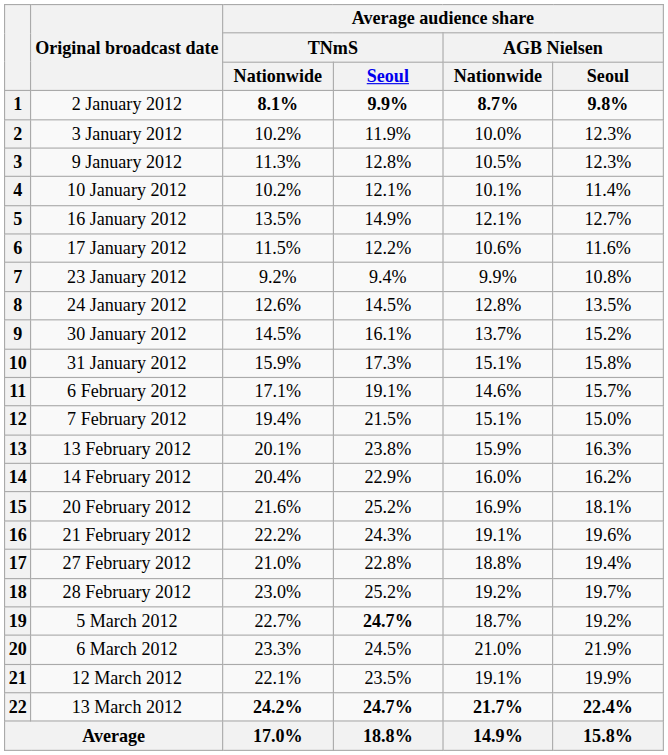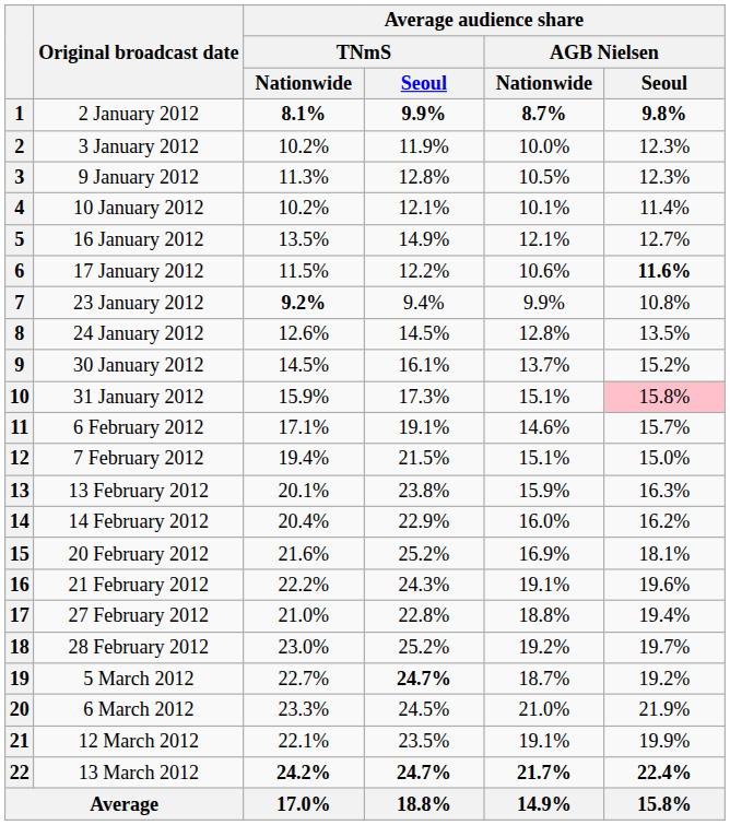 <table class=wikitable style="text-align:center">
 <tr>
 <th rowspan="3"></th>
 <th rowspan="3">Original broadcast date</th>
 <th colspan="4">Average audience share</th>
 </tr>
 <tr>
 <th colspan="2">TNmS</th>
 <th colspan="2">AGB Nielsen</th>
 </tr>
 <tr>
 <th width=90>Nationwide</th>
 <th width=90><a href='#'>Seoul</a></th>
 <th width=90>Nationwide</th>
 <th width=90>Seoul</th>
 </tr>
 <tr>
 <th>1</th>
 <td>2 January 2012</td>
 <td><span><strong>8.1%</strong></span></td>
 <td><span><strong>9.9%</strong></span></td>
 <td><span><strong>8.7%</strong></span></td>
 <td><span><strong>9.8%</strong></span></td>
 </tr>
 <tr>
 <th>2</th>
 <td>3 January 2012</td>
 <td>10.2%</td>
 <td>11.9%</td>
 <td>10.0%</td>
 <td>12.3%</td>
 </tr>
 <tr>
 <th>3</th>
 <td>9 January 2012</td>
 <td>11.3%</td>
 <td>12.8%</td>
 <td>10.5%</td>
 <td>12.3%</td>
 </tr>
 <tr>
 <th>4</th>
 <td>10 January 2012</td>
 <td>10.2%</td>
 <td>12.1%</td>
 <td>10.1%</td>
 <td>11.4%</td>
 </tr>
 <tr>
 <th>5</th>
 <td>16 January 2012</td>
 <td>13.5%</td>
 <td>14.9%</td>
 <td>12.1%</td>
 <td>12.7%</td>
 </tr>
 <tr>
 <th>6</th>
 <td>17 January 2012</td>
 <td>11.5%</td>
 <td>12.2%</td>
 <td>10.6%</td>
-<td>11.6%</td>
+<td><strong>11.6%</strong></td>
 </tr>
 <tr>
 <th>7</th>
 <td>23 January 2012</td>
-<td>9.2%</td>
+<td><strong>9.2%</strong></td>
 <td>9.4%</td>
 <td>9.9%</td>
 <td>10.8%</td>
 </tr>
 <tr>
 <th>8</th>
 <td>24 January 2012</td>
 <td>12.6%</td>
 <td>14.5%</td>
 <td>12.8%</td>
 <td>13.5%</td>
 </tr>
 <tr>
 <th>9</th>
 <td>30 January 2012</td>
 <td>14.5%</td>
 <td>16.1%</td>
 <td>13.7%</td>
 <td>15.2%</td>
 </tr>
 <tr>
 <th>10</th>
 <td>31 January 2012</td>
 <td>15.9%</td>
 <td>17.3%</td>
 <td>15.1%</td>
-<td>15.8%</td>
+<td style="background: pink;">15.8%</td>
 </tr>
 <tr>
 <th>11</th>
 <td>6 February 2012</td>
 <td>17.1%</td>
 <td>19.1%</td>
 <td>14.6%</td>
 <td>15.7%</td>
 </tr>
 <tr>
 <th>12</th>
 <td>7 February 2012</td>
 <td>19.4%</td>
 <td>21.5%</td>
 <td>15.1%</td>
 <td>15.0%</td>
 </tr>
 <tr>
 <th>13</th>
 <td>13 February 2012</td>
 <td>20.1%</td>
 <td>23.8%</td>
 <td>15.9%</td>
 <td>16.3%</td>
 </tr>
 <tr>
 <th>14</th>
 <td>14 February 2012</td>
 <td>20.4%</td>
 <td>22.9%</td>
 <td>16.0%</td>
 <td>16.2%</td>
 </tr>
 <tr>
 <th>15</th>
 <td>20 February 2012</td>
 <td>21.6%</td>
 <td>25.2%</td>
 <td>16.9%</td>
 <td>18.1%</td>
 </tr>
 <tr>
 <th>16</th>
 <td>21 February 2012</td>
 <td>22.2%</td>
 <td>24.3%</td>
 <td>19.1%</td>
 <td>19.6%</td>
 </tr>
 <tr>
 <th>17</th>
 <td>27 February 2012</td>
 <td>21.0%</td>
 <td>22.8%</td>
 <td>18.8%</td>
 <td>19.4%</td>
 </tr>
 <tr>
 <th>18</th>
 <td>28 February 2012</td>
 <td>23.0%</td>
 <td>25.2%</td>
 <td>19.2%</td>
 <td>19.7%</td>
 </tr>
 <tr>
 <th>19</th>
 <td>5 March 2012</td>
 <td>22.7%</td>
 <td><span><strong>24.7%</strong></span></td>
 <td>18.7%</td>
 <td>19.2%</td>
 </tr>
 <tr>
 <th>20</th>
 <td>6 March 2012</td>
 <td>23.3%</td>
 <td>24.5%</td>
 <td>21.0%</td>
 <td>21.9%</td>
 </tr>
 <tr>
 <th>21</th>
 <td>12 March 2012</td>
 <td>22.1%</td>
 <td>23.5%</td>
 <td>19.1%</td>
 <td>19.9%</td>
 </tr>
 <tr>
 <th>22</th>
 <td>13 March 2012</td>
 <td><span><strong>24.2%</strong></span></td>
 <td><span><strong>24.7%</strong></span></td>
 <td><span><strong>21.7%</strong></span></td>
 <td><span><strong>22.4%</strong></span></td>
 </tr>
 <tr>
 <th colspan=2>Average</th>
 <th>17.0%</th>
 <th>18.8%</th>
 <th>14.9%</th>
 <th>15.8%</th>
 </tr>
 </table>
